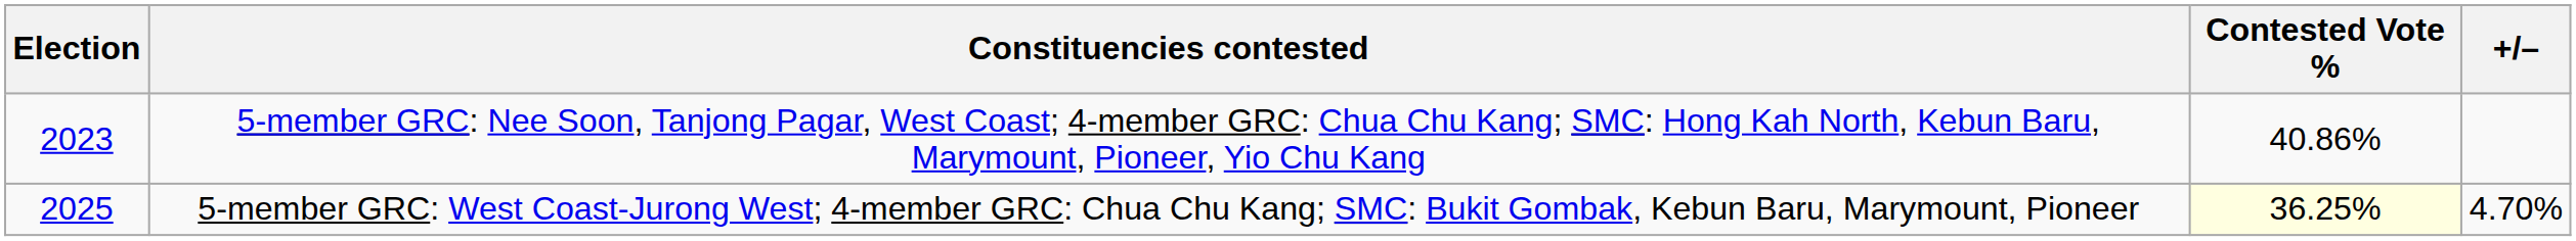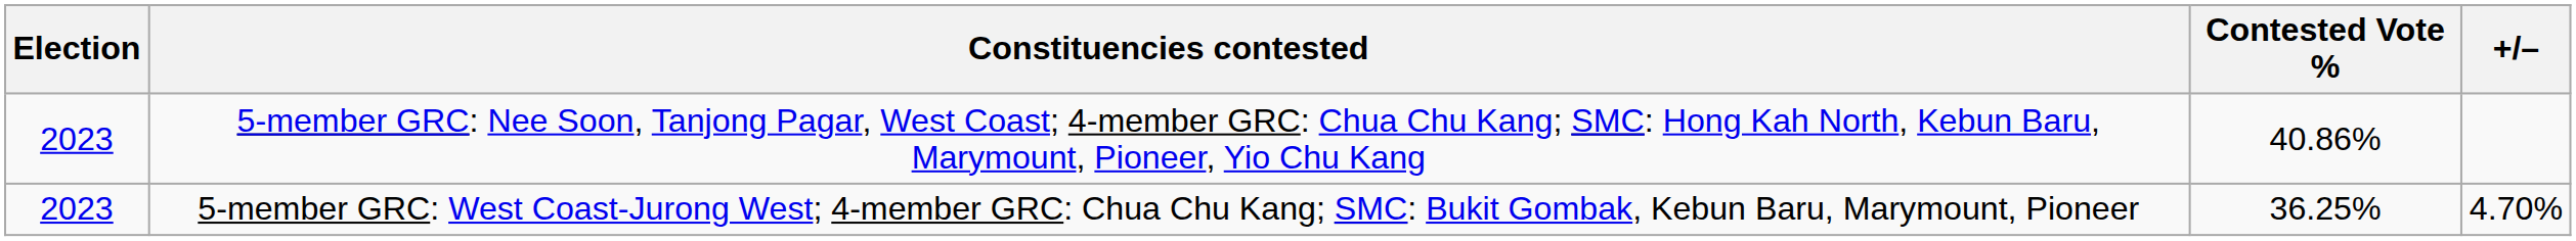 <table class="wikitable" style="text-align: center">
 <tr>
 <th>Election</th>
 <th>Constituencies contested</th>
 <th>Contested Vote %</th>
 <th>+/–</th>
 </tr>
 <tr>
 <td><a href='#'>2023</a></td>
 <td><u><a href='#'>5-member GRC</a></u>: <a href='#'>Nee Soon</a>, <a href='#'>Tanjong Pagar</a>, <a href='#'>West Coast</a>; <u>4-member GRC</u>: <a href='#'>Chua Chu Kang</a>; <u><a href='#'>SMC</a></u>: <a href='#'>Hong Kah North</a>, <a href='#'>Kebun Baru</a>, <a href='#'>Marymount</a>, <a href='#'>Pioneer</a>, <a href='#'>Yio Chu Kang</a></td>
 <td>40.86%</td>
 <td></td>
 </tr>
 <tr>
-<td><a href='#'>2025</a></td>
+<td><a href='#'>2023</a></td>
 <td><u>5-member GRC</u>: <a href='#'>West Coast-Jurong West</a>; <u>4-member GRC</u>: Chua Chu Kang; <u><a href='#'>SMC</a></u>: <a href='#'>Bukit Gombak</a>, Kebun Baru, Marymount, Pioneer</td>
-<td style="background: lightyellow;">36.25%</td>
+<td>36.25%</td>
 <td> 4.70%</td>
 </tr>
 </table>
